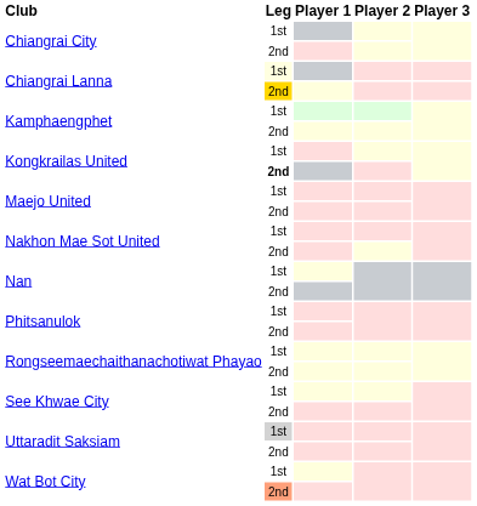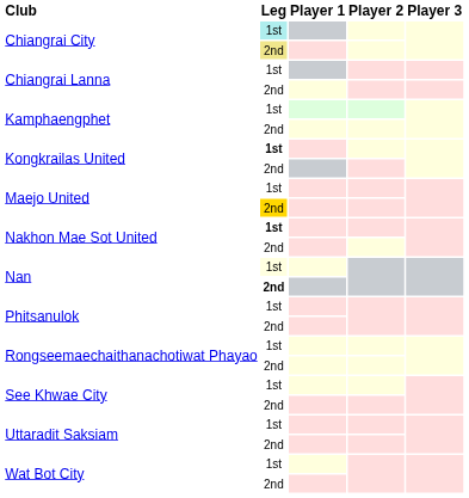 <table class="sortable" style="text-align:left">
 <tr>
 <th>Club</th>
 <th>Leg</th>
 <th>Player 1</th>
 <th>Player 2</th>
 <th>Player 3</th>
 </tr>
 <tr>
 <td rowspan="2"><a href='#'>Chiangrai City</a></td>
-<td align="center"><small>1st</small></td>
+<td align="center" style="background: paleturquoise;"><small>1st</small></td>
 <td bgcolor="#c8ccd1"></td>
 <td bgcolor="#ffffdd"></td>
 <td bgcolor="#ffffdd"rowspan="2"></td>
 </tr>
 <tr>
-<td align="center"><small>2nd</small></td>
+<td align="center" style="background: khaki;"><small>2nd</small></td>
 <td bgcolor="#ffdddd"></td>
 <td bgcolor="#ffffdd"></td>
 </tr>
 <tr>
 <td rowspan="2"><a href='#'>Chiangrai Lanna</a></td>
-<td align="center" style="background: lightyellow;"><small>1st</small></td>
+<td align="center"><small>1st</small></td>
 <td bgcolor="#c8ccd1"></td>
 <td bgcolor="#ffdddd"></td>
 <td bgcolor="#ffdddd"></td>
 </tr>
 <tr>
-<td align="center" style="background: gold;"><small>2nd</small></td>
+<td align="center"><small>2nd</small></td>
 <td bgcolor="#ffffdd"></td>
 <td bgcolor="#ffdddd"></td>
 <td bgcolor="#ffdddd"></td>
 </tr>
 <tr>
 <td rowspan="2"><a href='#'>Kamphaengphet</a></td>
 <td align="center"><small>1st</small></td>
 <td bgcolor="#ddffdd"></td>
 <td bgcolor="#ddffdd"></td>
 <td bgcolor="#ffffdd"rowspan="2"></td>
 </tr>
 <tr>
 <td align="center"><small>2nd</small></td>
 <td bgcolor="#ffffdd"></td>
 <td bgcolor="#ffffdd"></td>
 </tr>
 <tr>
 <td rowspan="2"><a href='#'>Kongkrailas United</a></td>
-<td align="center"><small>1st</small></td>
+<td align="center"><strong><small>1st</small></strong></td>
 <td bgcolor="#ffdddd"></td>
 <td bgcolor="#ffffdd"></td>
 <td bgcolor="#ffffdd"rowspan="2"></td>
 </tr>
 <tr>
-<td align="center"><strong><small>2nd</small></strong></td>
+<td align="center"><small>2nd</small></td>
 <td bgcolor="#c8ccd1"></td>
 <td bgcolor="#ffdddd"></td>
 </tr>
 <tr>
 <td rowspan="2"><a href='#'>Maejo United</a></td>
 <td align="center"><small>1st</small></td>
 <td bgcolor="#ffdddd"></td>
 <td bgcolor="#ffdddd"></td>
 <td bgcolor="#ffdddd"rowspan="2"></td>
 </tr>
 <tr>
-<td align="center"><small>2nd</small></td>
+<td align="center" style="background: gold;"><small>2nd</small></td>
 <td bgcolor="#ffdddd"></td>
 <td bgcolor="#ffdddd"></td>
 </tr>
 <tr>
 <td rowspan="2"><a href='#'>Nakhon Mae Sot United</a></td>
-<td align="center"><small>1st</small></td>
+<td align="center"><strong><small>1st</small></strong></td>
 <td bgcolor="#ffdddd"></td>
 <td bgcolor="#ffdddd"></td>
 <td bgcolor="#ffdddd"rowspan="2"></td>
 </tr>
 <tr>
 <td align="center"><small>2nd</small></td>
 <td bgcolor="#ffdddd"></td>
 <td bgcolor="#ffffdd"></td>
 </tr>
 <tr>
 <td rowspan="2"><a href='#'>Nan</a></td>
-<td align="center"><small>1st</small></td>
+<td align="center" style="background: lightyellow;"><small>1st</small></td>
 <td bgcolor="#ffffdd"></td>
 <td bgcolor="#c8ccd1"rowspan="2"></td>
 <td bgcolor="#c8ccd1"rowspan="2"></td>
 </tr>
 <tr>
-<td align="center"><small>2nd</small></td>
+<td align="center"><strong><small>2nd</small></strong></td>
 <td bgcolor="#c8ccd1"></td>
 </tr>
 <tr>
 <td rowspan="2"><a href='#'>Phitsanulok</a></td>
 <td align="center"><small>1st</small></td>
 <td bgcolor="#ffdddd"></td>
 <td bgcolor="#ffdddd"rowspan="2"></td>
 <td bgcolor="#ffdddd"rowspan="2"></td>
 </tr>
 <tr>
 <td align="center"><small>2nd</small></td>
 <td bgcolor="#ffdddd"></td>
 </tr>
 <tr>
 <td rowspan="2"><a href='#'>Rongseemaechaithanachotiwat Phayao</a></td>
 <td align="center"><small>1st</small></td>
 <td bgcolor="#ffffdd"></td>
 <td bgcolor="#ffffdd"></td>
 <td bgcolor="#ffffdd"rowspan="2"></td>
 </tr>
 <tr>
 <td align="center"><small>2nd</small></td>
 <td bgcolor="#ffffdd"></td>
 <td bgcolor="#ffffdd"></td>
 </tr>
 <tr>
 <td rowspan="2"><a href='#'>See Khwae City</a></td>
 <td align="center"><small>1st</small></td>
 <td bgcolor="#ffffdd"></td>
 <td bgcolor="#ffffdd"></td>
 <td bgcolor="#ffdddd"rowspan="2"></td>
 </tr>
 <tr>
 <td align="center"><small>2nd</small></td>
 <td bgcolor="#ffdddd"></td>
 <td bgcolor="#ffdddd"></td>
 </tr>
 <tr>
 <td rowspan="2"><a href='#'>Uttaradit Saksiam</a></td>
-<td align="center" style="background: lightgrey;"><small>1st</small></td>
+<td align="center"><small>1st</small></td>
 <td bgcolor="#ffdddd"></td>
 <td bgcolor="#ffdddd"></td>
 <td bgcolor="#ffdddd"rowspan="2"></td>
 </tr>
 <tr>
 <td align="center"><small>2nd</small></td>
 <td bgcolor="#ffdddd"></td>
 <td bgcolor="#ffdddd"></td>
 </tr>
 <tr>
 <td rowspan="2"><a href='#'>Wat Bot City</a></td>
 <td align="center"><small>1st</small></td>
 <td bgcolor="#ffffdd"></td>
 <td bgcolor="#ffdddd"rowspan="2"></td>
 <td bgcolor="#ffdddd"rowspan="2"></td>
 </tr>
 <tr>
-<td align="center" style="background: lightsalmon;"><small>2nd</small></td>
+<td align="center"><small>2nd</small></td>
 <td bgcolor="#ffdddd"></td>
 </tr>
 </table>
